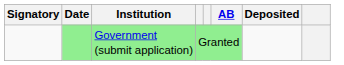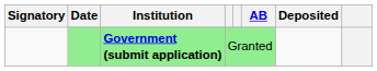 <table class="wikitable sortable" style="white-space:wrap; line-height:1.33">
 <tr>
 <th scope="col">Signatory</th>
 <th scope="col">Date</th>
 <th scope="col" class="unsortable">Institution</th>
 <th scope="col" class="unsortable"></th>
 <th scope="col" class="unsortable"></th>
 <th scope="col" class="unsortable"><a href='#'>AB</a></th>
 <th scope="col">Deposited</th>
 <th scope="col" class="unsortable" style="width:2em"></th>
 </tr>
 <tr>
 <td scope="row"></td>
 <td style="text-align:center; background-color: lightgreen"></td>
-<td style="background-color: lightgreen"><a href='#'>Government</a><br>(submit application)</td>
+<td style="background-color: lightgreen"><strong><a href='#'>Government</a><br>(submit application)</strong></td>
 <td style="text-align:center; background-color: lightgreen" colspan="3">Granted</td>
 <td style="text-align:center; background-color:"></td>
 <th></th>
 </tr>
 </table>
